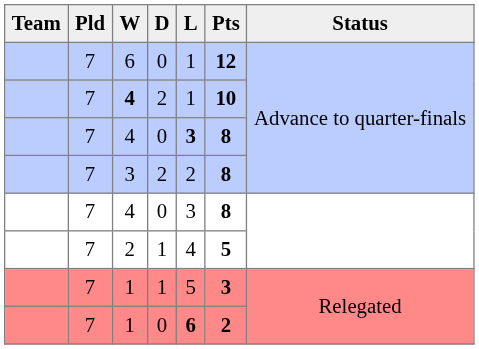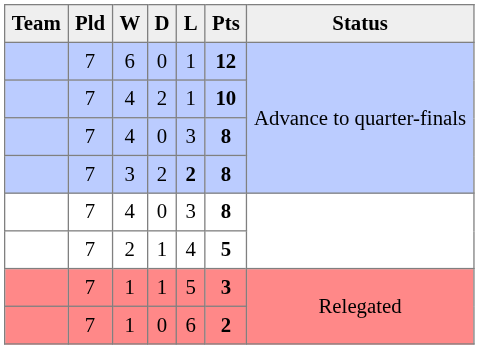 <table style=border-collapse:collapse border=1 cellspacing=0 cellpadding=5>
 <tr align=center bgcolor=#efefef>
 <th>Team</th>
 <th>Pld</th>
 <th>W</th>
 <th>D</th>
 <th>L</th>
 <th>Pts</th>
 <th>Status</th>
 </tr>
 <tr align=center style="background:#bbccff;">
 <td style="text-align:left;"> </td>
 <td>7</td>
 <td>6</td>
 <td>0</td>
 <td>1</td>
 <td><strong>12</strong></td>
 <td rowspan=4>Advance to quarter-finals</td>
 </tr>
 <tr align=center style="background:#bbccff;">
 <td style="text-align:left;"> </td>
 <td>7</td>
-<td><strong>4</strong></td>
+<td>4</td>
 <td>2</td>
 <td>1</td>
 <td><strong>10</strong></td>
 </tr>
 <tr align=center style="background:#bbccff;">
 <td style="text-align:left;"> </td>
 <td>7</td>
 <td>4</td>
 <td>0</td>
-<td><strong>3</strong></td>
+<td>3</td>
 <td><strong>8</strong></td>
 </tr>
 <tr align=center style="background:#bbccff;">
 <td style="text-align:left;"> </td>
 <td>7</td>
 <td>3</td>
 <td>2</td>
-<td>2</td>
+<td><strong>2</strong></td>
 <td><strong>8</strong></td>
 </tr>
 <tr align=center style="background:#FFFFFF;">
 <td style="text-align:left;"> </td>
 <td>7</td>
 <td>4</td>
 <td>0</td>
 <td>3</td>
 <td><strong>8</strong></td>
 <td rowspan=2></td>
 </tr>
 <tr align=center style="background:#FFFFFF;">
 <td style="text-align:left;"> </td>
 <td>7</td>
 <td>2</td>
 <td>1</td>
 <td>4</td>
 <td><strong>5</strong></td>
 </tr>
 <tr align=center style="background:#FF8888;">
 <td style="text-align:left;"> </td>
 <td>7</td>
 <td>1</td>
 <td>1</td>
 <td>5</td>
 <td><strong>3</strong></td>
 <td rowspan=2>Relegated</td>
 </tr>
 <tr align=center style="background:#FF8888;">
 <td style="text-align:left;"> </td>
 <td>7</td>
 <td>1</td>
 <td>0</td>
-<td><strong>6</strong></td>
+<td>6</td>
 <td><strong>2</strong></td>
 </tr>
 </table>
